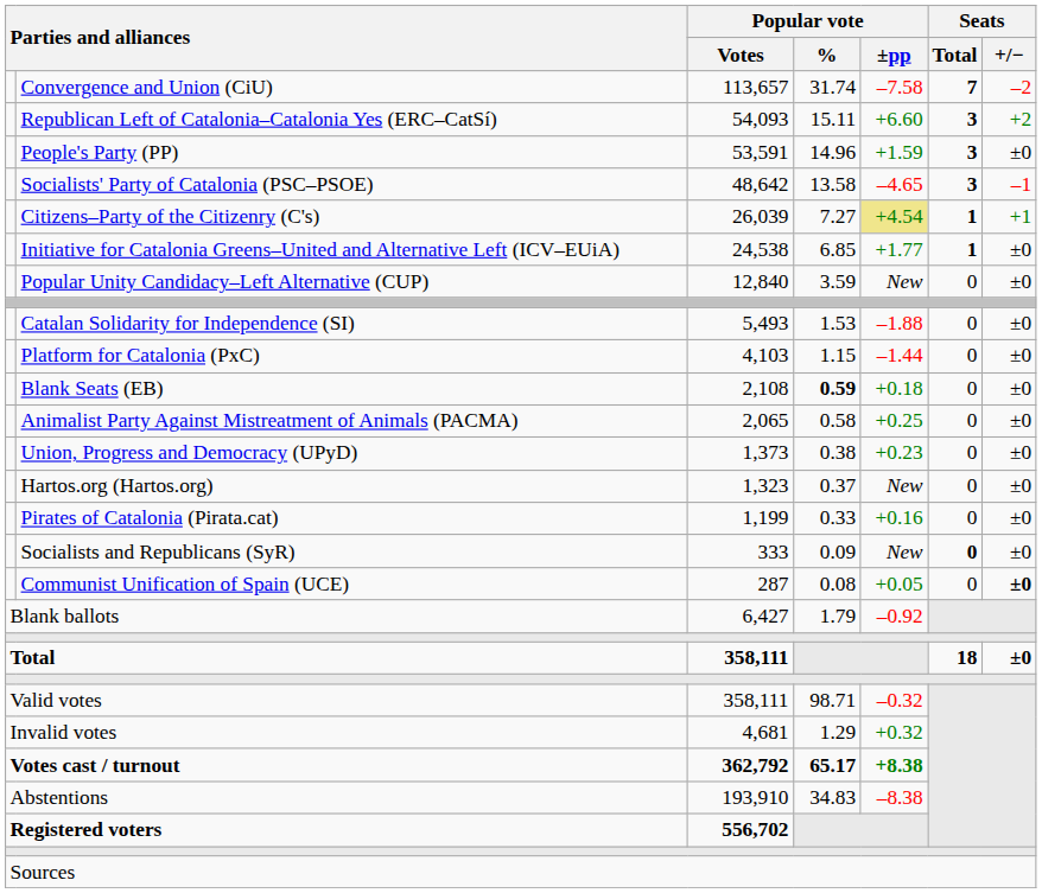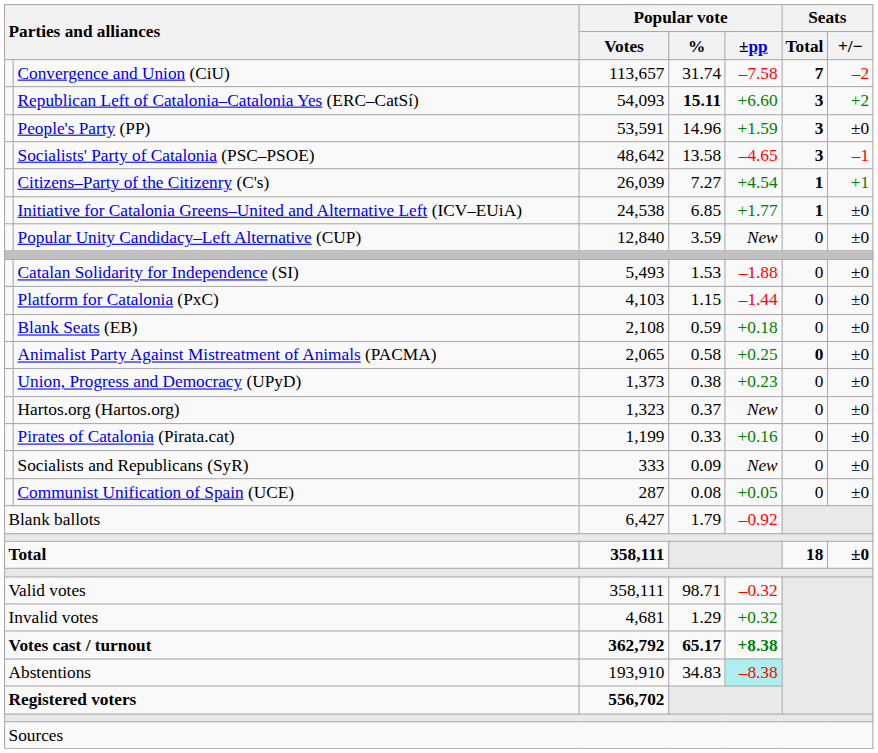 <table class="wikitable" style="text-align:right;">
 <tr>
 <th style="text-align:left;" rowspan="2" colspan="2" width="525">Parties and alliances</th>
 <th colspan="3">Popular vote</th>
 <th colspan="2">Seats</th>
 </tr>
 <tr>
 <th width="75">Votes</th>
 <th width="45">%</th>
 <th width="45">±<a href='#'>pp</a></th>
 <th width="35">Total</th>
 <th width="35">+/−</th>
 </tr>
 <tr>
 <td width="1" style="color:inherit;background:"></td>
 <td align="left"><a href='#'>Convergence and Union</a> (CiU)</td>
 <td>113,657</td>
 <td>31.74</td>
 <td style="color:red;">–7.58</td>
 <td><strong>7</strong></td>
 <td style="color:red;">–2</td>
 </tr>
 <tr>
 <td style="color:inherit;background:"></td>
 <td align="left"><a href='#'>Republican Left of Catalonia–Catalonia Yes</a> (ERC–CatSí)</td>
 <td>54,093</td>
-<td>15.11</td>
+<td><strong>15.11</strong></td>
 <td style="color:green;">+6.60</td>
 <td><strong>3</strong></td>
 <td style="color:green;">+2</td>
 </tr>
 <tr>
 <td style="color:inherit;background:"></td>
 <td align="left"><a href='#'>People's Party</a> (PP)</td>
 <td>53,591</td>
 <td>14.96</td>
 <td style="color:green;">+1.59</td>
 <td><strong>3</strong></td>
 <td>±0</td>
 </tr>
 <tr>
 <td style="color:inherit;background:"></td>
 <td align="left"><a href='#'>Socialists' Party of Catalonia</a> (PSC–PSOE)</td>
 <td>48,642</td>
 <td>13.58</td>
 <td style="color:red;">–4.65</td>
 <td><strong>3</strong></td>
 <td style="color:red;">–1</td>
 </tr>
 <tr>
 <td style="color:inherit;background:"></td>
 <td align="left"><a href='#'>Citizens–Party of the Citizenry</a> (C's)</td>
 <td>26,039</td>
 <td>7.27</td>
-<td style="background: khaki; color:green;">+4.54</td>
+<td style="color:green;">+4.54</td>
 <td><strong>1</strong></td>
 <td style="color:green;">+1</td>
 </tr>
 <tr>
 <td style="color:inherit;background:"></td>
 <td align="left"><a href='#'>Initiative for Catalonia Greens–United and Alternative Left</a> (ICV–EUiA)</td>
 <td>24,538</td>
 <td>6.85</td>
 <td style="color:green;">+1.77</td>
 <td><strong>1</strong></td>
 <td>±0</td>
 </tr>
 <tr>
 <td style="color:inherit;background:"></td>
 <td align="left"><a href='#'>Popular Unity Candidacy–Left Alternative</a> (CUP)</td>
 <td>12,840</td>
 <td>3.59</td>
 <td><em>New</em></td>
 <td>0</td>
 <td>±0</td>
 </tr>
 <tr>
 <td colspan="7" bgcolor="#C0C0C0"></td>
 </tr>
 <tr>
 <td style="color:inherit;background:"></td>
 <td align="left"><a href='#'>Catalan Solidarity for Independence</a> (SI)</td>
 <td>5,493</td>
 <td>1.53</td>
 <td style="color:red;">–1.88</td>
 <td>0</td>
 <td>±0</td>
 </tr>
 <tr>
 <td style="color:inherit;background:"></td>
 <td align="left"><a href='#'>Platform for Catalonia</a> (PxC)</td>
 <td>4,103</td>
 <td>1.15</td>
 <td style="color:red;">–1.44</td>
 <td>0</td>
 <td>±0</td>
 </tr>
 <tr>
 <td style="color:inherit;background:"></td>
 <td align="left"><a href='#'>Blank Seats</a> (EB)</td>
 <td>2,108</td>
-<td><strong>0.59</strong></td>
+<td>0.59</td>
 <td style="color:green;">+0.18</td>
 <td>0</td>
 <td>±0</td>
 </tr>
 <tr>
 <td style="color:inherit;background:"></td>
 <td align="left"><a href='#'>Animalist Party Against Mistreatment of Animals</a> (PACMA)</td>
 <td>2,065</td>
 <td>0.58</td>
 <td style="color:green;">+0.25</td>
-<td>0</td>
+<td><strong>0</strong></td>
 <td>±0</td>
 </tr>
 <tr>
 <td style="color:inherit;background:"></td>
 <td align="left"><a href='#'>Union, Progress and Democracy</a> (UPyD)</td>
 <td>1,373</td>
 <td>0.38</td>
 <td style="color:green;">+0.23</td>
 <td>0</td>
 <td>±0</td>
 </tr>
 <tr>
 <td style="color:inherit;background:"></td>
 <td align="left">Hartos.org (Hartos.org)</td>
 <td>1,323</td>
 <td>0.37</td>
 <td><em>New</em></td>
 <td>0</td>
 <td>±0</td>
 </tr>
 <tr>
 <td style="color:inherit;background:"></td>
 <td align="left"><a href='#'>Pirates of Catalonia</a> (Pirata.cat)</td>
 <td>1,199</td>
 <td>0.33</td>
 <td style="color:green;">+0.16</td>
 <td>0</td>
 <td>±0</td>
 </tr>
 <tr>
 <td style="color:inherit;background:"></td>
 <td align="left">Socialists and Republicans (SyR)</td>
 <td>333</td>
 <td>0.09</td>
 <td><em>New</em></td>
-<td><strong>0</strong></td>
+<td>0</td>
 <td>±0</td>
 </tr>
 <tr>
 <td style="color:inherit;background:"></td>
 <td align="left"><a href='#'>Communist Unification of Spain</a> (UCE)</td>
 <td>287</td>
 <td>0.08</td>
 <td style="color:green;">+0.05</td>
 <td>0</td>
-<td><strong>±0</strong></td>
+<td>±0</td>
 </tr>
 <tr>
 <td align="left" colspan="2">Blank ballots</td>
 <td>6,427</td>
 <td>1.79</td>
 <td style="color:red;">–0.92</td>
 <td bgcolor="#E9E9E9" colspan="2"></td>
 </tr>
 <tr>
 <td colspan="7" bgcolor="#E9E9E9"></td>
 </tr>
 <tr style="font-weight:bold;">
 <td align="left" colspan="2">Total</td>
 <td>358,111</td>
 <td bgcolor="#E9E9E9" colspan="2"></td>
 <td>18</td>
 <td>±0</td>
 </tr>
 <tr>
 <td colspan="7" bgcolor="#E9E9E9"></td>
 </tr>
 <tr>
 <td align="left" colspan="2">Valid votes</td>
 <td>358,111</td>
 <td>98.71</td>
 <td style="color:red;">–0.32</td>
 <td bgcolor="#E9E9E9" colspan="2" rowspan="5"></td>
 </tr>
 <tr>
 <td align="left" colspan="2">Invalid votes</td>
 <td>4,681</td>
 <td>1.29</td>
 <td style="color:green;">+0.32</td>
 </tr>
 <tr style="font-weight:bold;">
 <td align="left" colspan="2">Votes cast / turnout</td>
 <td>362,792</td>
 <td>65.17</td>
 <td style="color:green;">+8.38</td>
 </tr>
 <tr>
 <td align="left" colspan="2">Abstentions</td>
 <td>193,910</td>
 <td>34.83</td>
-<td style="color:red;">–8.38</td>
+<td style="background: paleturquoise; color:red;">–8.38</td>
 </tr>
 <tr style="font-weight:bold;">
 <td align="left" colspan="2">Registered voters</td>
 <td>556,702</td>
 <td bgcolor="#E9E9E9" colspan="2"></td>
 </tr>
 <tr>
 <td colspan="7" bgcolor="#E9E9E9"></td>
 </tr>
 <tr>
 <td align="left" colspan="7">Sources</td>
 </tr>
 </table>
